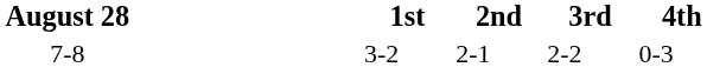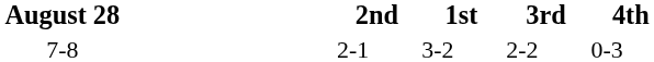 <table width=60% cellspacing=1>
 <tr>
 <th width=20%></th>
 <th width=12%>August 28</th>
 <th width=20%></th>
+<th width=8%>2nd</th>
 <th width=8%>1st</th>
-<th width=8%>2nd</th>
 <th width=8%>3rd</th>
 <th width=8%>4th</th>
 </tr>
 <tr style=font-size:90%>
 <td align=right></td>
 <td align=center>7-8</td>
 <td><strong></strong></td>
+<td>2-1</td>
 <td>3-2</td>
-<td>2-1</td>
 <td>2-2</td>
 <td>0-3</td>
 </tr>
 </table>
